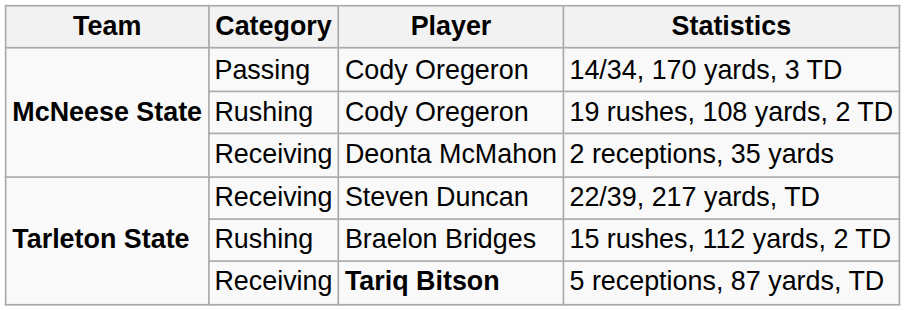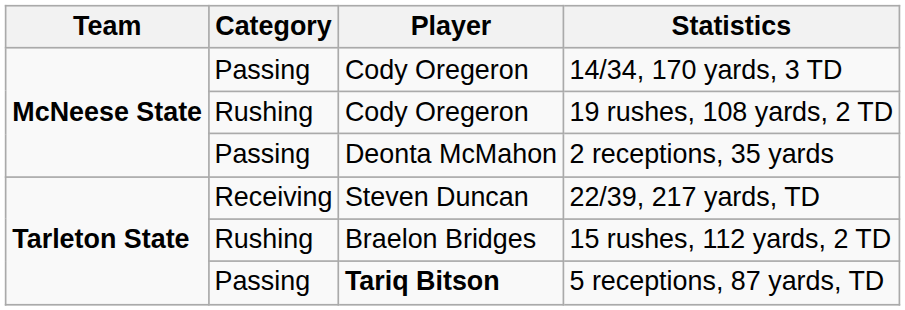 <table class="wikitable" style="float: right;">
 <tr>
 <th>Team</th>
 <th>Category</th>
 <th>Player</th>
 <th>Statistics</th>
 </tr>
 <tr>
 <td rowspan=3><strong>McNeese State</strong></td>
 <td>Passing</td>
 <td>Cody Oregeron</td>
 <td>14/34, 170 yards, 3 TD</td>
 </tr>
 <tr>
 <td>Rushing</td>
 <td>Cody Oregeron</td>
 <td>19 rushes, 108 yards, 2 TD</td>
 </tr>
 <tr>
-<td>Receiving</td>
+<td>Passing</td>
 <td>Deonta McMahon</td>
 <td>2 receptions, 35 yards</td>
 </tr>
 <tr>
 <td rowspan=3><strong>Tarleton State</strong></td>
 <td>Receiving</td>
 <td>Steven Duncan</td>
 <td>22/39, 217 yards, TD</td>
 </tr>
 <tr>
 <td>Rushing</td>
 <td>Braelon Bridges</td>
 <td>15 rushes, 112 yards, 2 TD</td>
 </tr>
 <tr>
-<td>Receiving</td>
+<td>Passing</td>
 <td><strong>Tariq Bitson</strong></td>
 <td>5 receptions, 87 yards, TD</td>
 </tr>
 </table>
